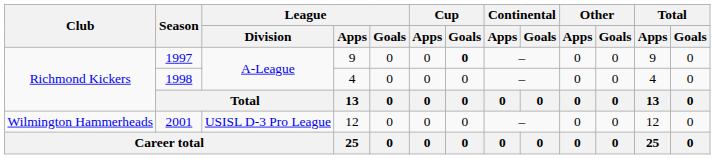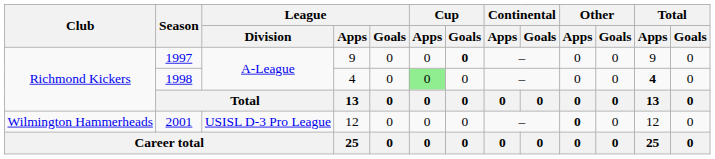 <table class="wikitable" style="text-align: center">
 <tr>
 <th rowspan="2">Club</th>
 <th rowspan="2">Season</th>
 <th colspan="3">League</th>
 <th colspan="2">Cup</th>
 <th colspan="2">Continental</th>
 <th colspan="2">Other</th>
 <th colspan="2">Total</th>
 </tr>
 <tr>
 <th>Division</th>
 <th>Apps</th>
 <th>Goals</th>
 <th>Apps</th>
 <th>Goals</th>
 <th>Apps</th>
 <th>Goals</th>
 <th>Apps</th>
 <th>Goals</th>
 <th>Apps</th>
 <th>Goals</th>
 </tr>
 <tr>
 <td rowspan="3"><a href='#'>Richmond Kickers</a></td>
 <td><a href='#'>1997</a></td>
 <td rowspan="2"><a href='#'>A-League</a></td>
 <td>9</td>
 <td>0</td>
 <td>0</td>
 <td><strong>0</strong></td>
 <td colspan="2">–</td>
 <td>0</td>
 <td>0</td>
 <td>9</td>
 <td>0</td>
 </tr>
 <tr>
 <td><a href='#'>1998</a></td>
 <td>4</td>
 <td>0</td>
-<td>0</td>
+<td style="background: lightgreen;">0</td>
 <td>0</td>
 <td colspan="2">–</td>
 <td>0</td>
 <td>0</td>
-<td>4</td>
+<td><strong>4</strong></td>
 <td>0</td>
 </tr>
 <tr>
 <th colspan="2"><strong>Total</strong></th>
 <th>13</th>
 <th>0</th>
 <th>0</th>
 <th>0</th>
 <th>0</th>
 <th>0</th>
 <th>0</th>
 <th>0</th>
 <th>13</th>
 <th>0</th>
 </tr>
 <tr>
 <td><a href='#'>Wilmington Hammerheads</a></td>
 <td><a href='#'>2001</a></td>
 <td><a href='#'>USISL D-3 Pro League</a></td>
 <td>12</td>
 <td>0</td>
 <td>0</td>
 <td>0</td>
 <td colspan="2">–</td>
-<td>0</td>
+<td><strong>0</strong></td>
 <td>0</td>
 <td>12</td>
 <td>0</td>
 </tr>
 <tr>
 <th colspan="3"><strong>Career total</strong></th>
 <th>25</th>
 <th>0</th>
 <th>0</th>
 <th>0</th>
 <th>0</th>
 <th>0</th>
 <th>0</th>
 <th>0</th>
 <th>25</th>
 <th>0</th>
 </tr>
 </table>
